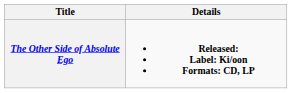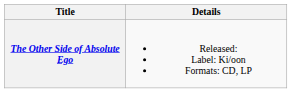 <table class="wikitable plainrowheaders" style="text-align:center;">
 <tr>
 <th scope="col" style="width:12em;">Title</th>
 <th scope="col" style="width:16em;">Details</th>
 </tr>
 <tr>
 <th scope="row"><em><a href='#'>The Other Side of Absolute Ego</a></em></th>
-<td><strong><br><ul><li>Released: </li><li>Label: Ki/oon</li><li>Formats: CD, LP</li></ul></strong></td>
+<td><br><ul><li>Released: </li><li>Label: Ki/oon</li><li>Formats: CD, LP</li></ul></td>
 </tr>
 </table>
